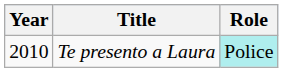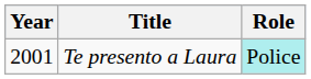 <table class="wikitable">
 <tr style="background:#b0c4de;">
 <th>Year</th>
 <th>Title</th>
 <th>Role</th>
 </tr>
 <tr>
-<td>2010</td>
+<td>2001</td>
 <td><em>Te presento a Laura</em></td>
 <td style="background: paleturquoise;">Police</td>
 </tr>
 </table>
